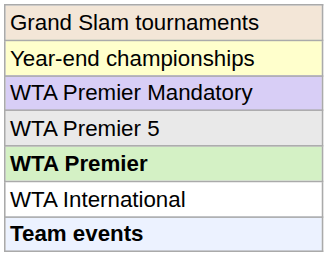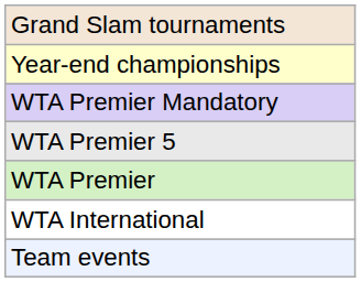 <table class="wikitable"  style="font-size:90%; width:13%;">
 <tr style="background:#f3e6d7;">
 <td>Grand Slam tournaments</td>
 </tr>
 <tr bgcolor=#ffffcc>
 <td>Year-end championships</td>
 </tr>
 <tr style="background:#d8cef6;">
 <td>WTA Premier Mandatory</td>
 </tr>
 <tr style="background:#e9e9e9;">
 <td>WTA Premier 5</td>
 </tr>
 <tr style="background:#d4f1c5;">
-<td><strong>WTA Premier</strong></td>
+<td>WTA Premier</td>
 </tr>
 <tr bgcolor=#ffffff>
 <td>WTA International</td>
 </tr>
 <tr bgcolor=#ECF2FF>
-<td><strong>Team events</strong></td>
+<td>Team events</td>
 </tr>
 </table>
